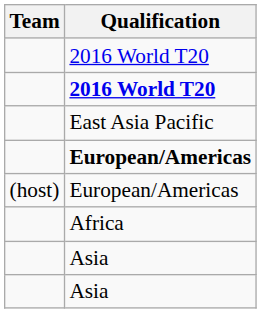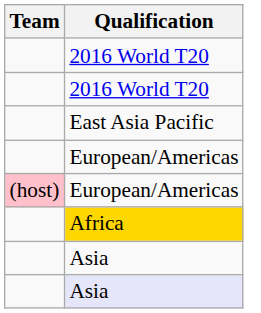 <table class="wikitable sortable">
 <tr>
 <th>Team</th>
 <th>Qualification</th>
 </tr>
 <tr>
 <td></td>
 <td><a href='#'>2016 World T20</a></td>
 </tr>
 <tr>
 <td></td>
-<td><strong><a href='#'>2016 World T20</a></strong></td>
+<td><a href='#'>2016 World T20</a></td>
 </tr>
 <tr>
 <td></td>
 <td>East Asia Pacific</td>
 </tr>
 <tr>
 <td></td>
-<td><strong>European/Americas</strong></td>
+<td>European/Americas</td>
 </tr>
 <tr>
-<td> (host)</td>
+<td style="background: pink;"> (host)</td>
 <td>European/Americas</td>
 </tr>
 <tr>
 <td></td>
-<td>Africa</td>
+<td style="background: gold;">Africa</td>
 </tr>
 <tr>
 <td></td>
 <td>Asia</td>
 </tr>
 <tr>
 <td></td>
-<td>Asia</td>
+<td style="background: lavender;">Asia</td>
 </tr>
 </table>
